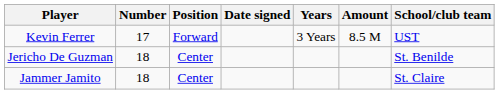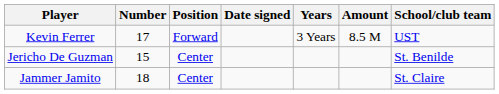 <table class="wikitable sortable sortable">
 <tr>
 <th>Player</th>
 <th>Number</th>
 <th>Position</th>
 <th>Date signed</th>
 <th>Years</th>
 <th>Amount</th>
 <th>School/club team</th>
 </tr>
 <tr>
 <td align=center><a href='#'>Kevin Ferrer</a></td>
 <td align=center>17</td>
 <td align=center><a href='#'>Forward</a></td>
 <td align=center></td>
 <td align=center>3 Years</td>
 <td align=center>8.5 M</td>
 <td><a href='#'>UST</a></td>
 </tr>
 <tr>
 <td align=center><a href='#'>Jericho De Guzman</a></td>
-<td align=center>18</td>
+<td align=center>15</td>
 <td align=center><a href='#'>Center</a></td>
 <td align=center></td>
 <td align=center></td>
 <td align=center></td>
 <td><a href='#'>St. Benilde</a></td>
 </tr>
 <tr>
 <td align=center><a href='#'>Jammer Jamito</a></td>
 <td align=center>18</td>
 <td align=center><a href='#'>Center</a></td>
 <td align=center></td>
 <td align=center></td>
 <td align=center></td>
 <td><a href='#'>St. Claire</a></td>
 </tr>
 </table>
